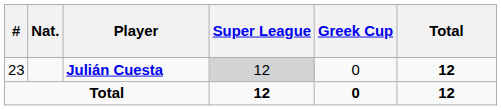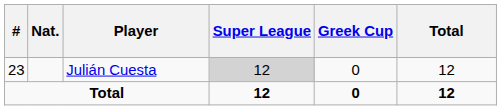 <table class="wikitable sortable alternance" ; style="text-align:center; ">
 <tr>
 <th height=50>#</th>
 <th width=10>Nat.</th>
 <th width=150>Player</th>
 <th height=50><a href='#'>Super League</a></th>
 <th height=50><a href='#'>Greek Cup</a></th>
 <th width=100>Total</th>
 </tr>
 <tr>
 <td>23</td>
 <td></td>
-<td align="left"><strong><a href='#'>Julián Cuesta</a></strong></td>
+<td align="left"><a href='#'>Julián Cuesta</a></td>
 <td style="background: lightgrey;">12</td>
 <td>0</td>
-<td><strong>12</strong></td>
+<td>12</td>
 </tr>
 <tr class="sortbottom">
 <td colspan="3"><strong>Total</strong></td>
 <td><strong>12</strong></td>
 <td><strong>0</strong></td>
 <td><strong>12</strong></td>
 </tr>
 </table>
